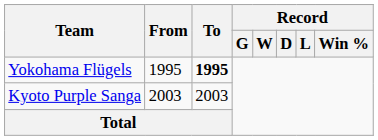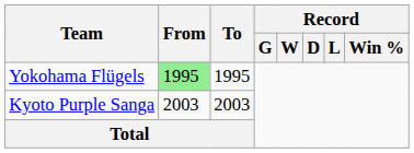 <table class="wikitable" style="text-align: center">
 <tr>
 <th rowspan="2">Team</th>
 <th rowspan="2">From</th>
 <th rowspan="2">To</th>
 <th colspan="5">Record</th>
 </tr>
 <tr>
 <th>G</th>
 <th>W</th>
 <th>D</th>
 <th>L</th>
 <th>Win %</th>
 </tr>
 <tr>
 <td align="left"><a href='#'>Yokohama Flügels</a></td>
-<td align="left">1995</td>
-<td align="left"><strong>1995<br></strong></td>
+<td align="left" style="background: lightgreen;">1995</td>
+<td align="left">1995<br></td>
 </tr>
 <tr>
 <td align="left"><a href='#'>Kyoto Purple Sanga</a></td>
 <td align="left">2003</td>
 <td align="left">2003<br></td>
 </tr>
 <tr>
 <th colspan="3">Total<br></th>
 </tr>
 </table>
